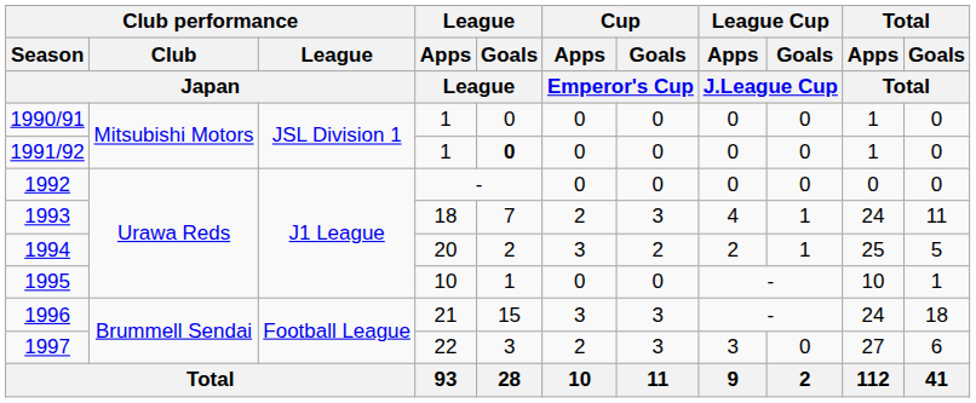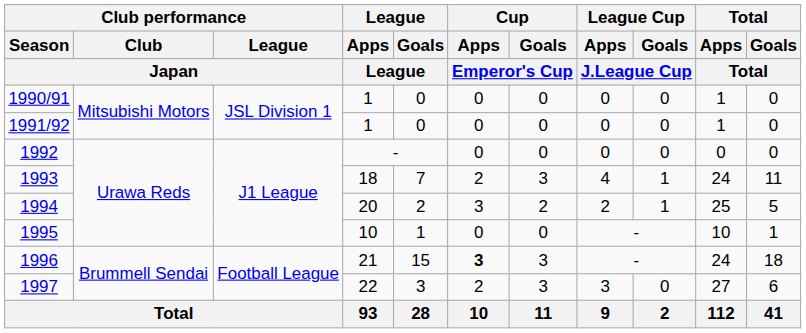 <table class="wikitable" style="text-align:center;">
 <tr>
 <th colspan=3>Club performance</th>
 <th colspan=2>League</th>
 <th colspan=2>Cup</th>
 <th colspan=2>League Cup</th>
 <th colspan=2>Total</th>
 </tr>
 <tr>
 <th>Season</th>
 <th>Club</th>
 <th>League</th>
 <th>Apps</th>
 <th>Goals</th>
 <th>Apps</th>
 <th>Goals</th>
 <th>Apps</th>
 <th>Goals</th>
 <th>Apps</th>
 <th>Goals</th>
 </tr>
 <tr>
 <th colspan=3>Japan</th>
 <th colspan=2>League</th>
 <th colspan=2><a href='#'>Emperor's Cup</a></th>
 <th colspan=2><a href='#'>J.League Cup</a></th>
 <th colspan=2>Total</th>
 </tr>
 <tr>
 <td><a href='#'>1990/91</a></td>
 <td rowspan="2"><a href='#'>Mitsubishi Motors</a></td>
 <td rowspan="2"><a href='#'>JSL Division 1</a></td>
 <td>1</td>
 <td>0</td>
 <td>0</td>
 <td>0</td>
 <td>0</td>
 <td>0</td>
 <td>1</td>
 <td>0</td>
 </tr>
 <tr>
 <td><a href='#'>1991/92</a></td>
 <td>1</td>
-<td><strong>0</strong></td>
+<td>0</td>
 <td>0</td>
 <td>0</td>
 <td>0</td>
 <td>0</td>
 <td>1</td>
 <td>0</td>
 </tr>
 <tr>
 <td><a href='#'>1992</a></td>
 <td rowspan="4"><a href='#'>Urawa Reds</a></td>
 <td rowspan="4"><a href='#'>J1 League</a></td>
 <td colspan="2">-</td>
 <td>0</td>
 <td>0</td>
 <td>0</td>
 <td>0</td>
 <td>0</td>
 <td>0</td>
 </tr>
 <tr>
 <td><a href='#'>1993</a></td>
 <td>18</td>
 <td>7</td>
 <td>2</td>
 <td>3</td>
 <td>4</td>
 <td>1</td>
 <td>24</td>
 <td>11</td>
 </tr>
 <tr>
 <td><a href='#'>1994</a></td>
 <td>20</td>
 <td>2</td>
 <td>3</td>
 <td>2</td>
 <td>2</td>
 <td>1</td>
 <td>25</td>
 <td>5</td>
 </tr>
 <tr>
 <td><a href='#'>1995</a></td>
 <td>10</td>
 <td>1</td>
 <td>0</td>
 <td>0</td>
 <td colspan="2">-</td>
 <td>10</td>
 <td>1</td>
 </tr>
 <tr>
 <td><a href='#'>1996</a></td>
 <td rowspan="2"><a href='#'>Brummell Sendai</a></td>
 <td rowspan="2"><a href='#'>Football League</a></td>
 <td>21</td>
 <td>15</td>
-<td>3</td>
+<td><strong>3</strong></td>
 <td>3</td>
 <td colspan="2">-</td>
 <td>24</td>
 <td>18</td>
 </tr>
 <tr>
 <td><a href='#'>1997</a></td>
 <td>22</td>
 <td>3</td>
 <td>2</td>
 <td>3</td>
 <td>3</td>
 <td>0</td>
 <td>27</td>
 <td>6</td>
 </tr>
 <tr>
 <th colspan=3>Total</th>
 <th>93</th>
 <th>28</th>
 <th>10</th>
 <th>11</th>
 <th>9</th>
 <th>2</th>
 <th>112</th>
 <th>41</th>
 </tr>
 </table>
